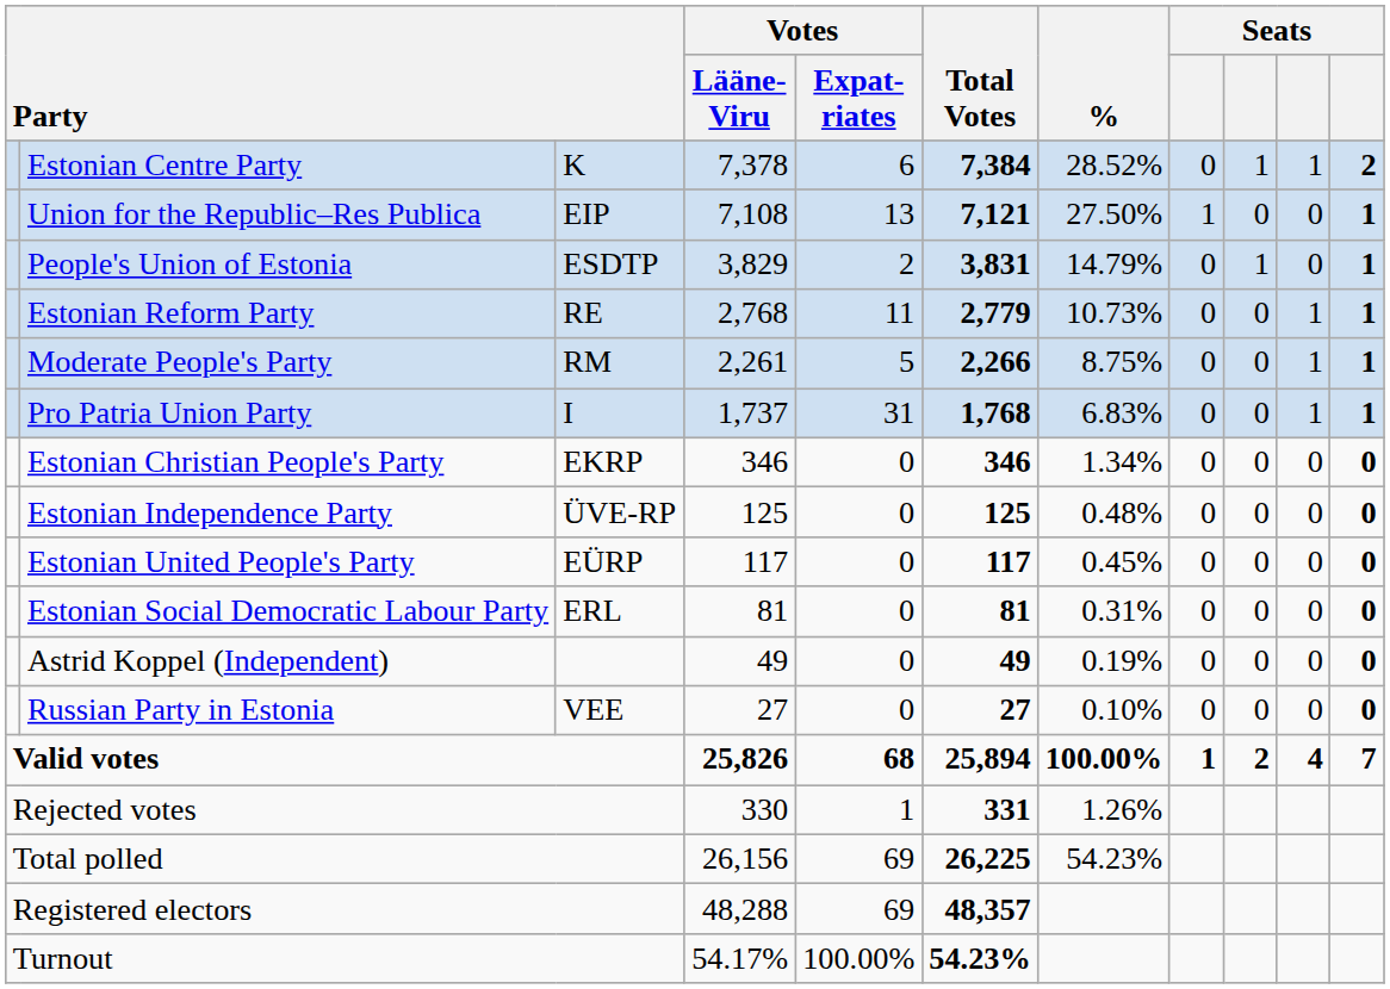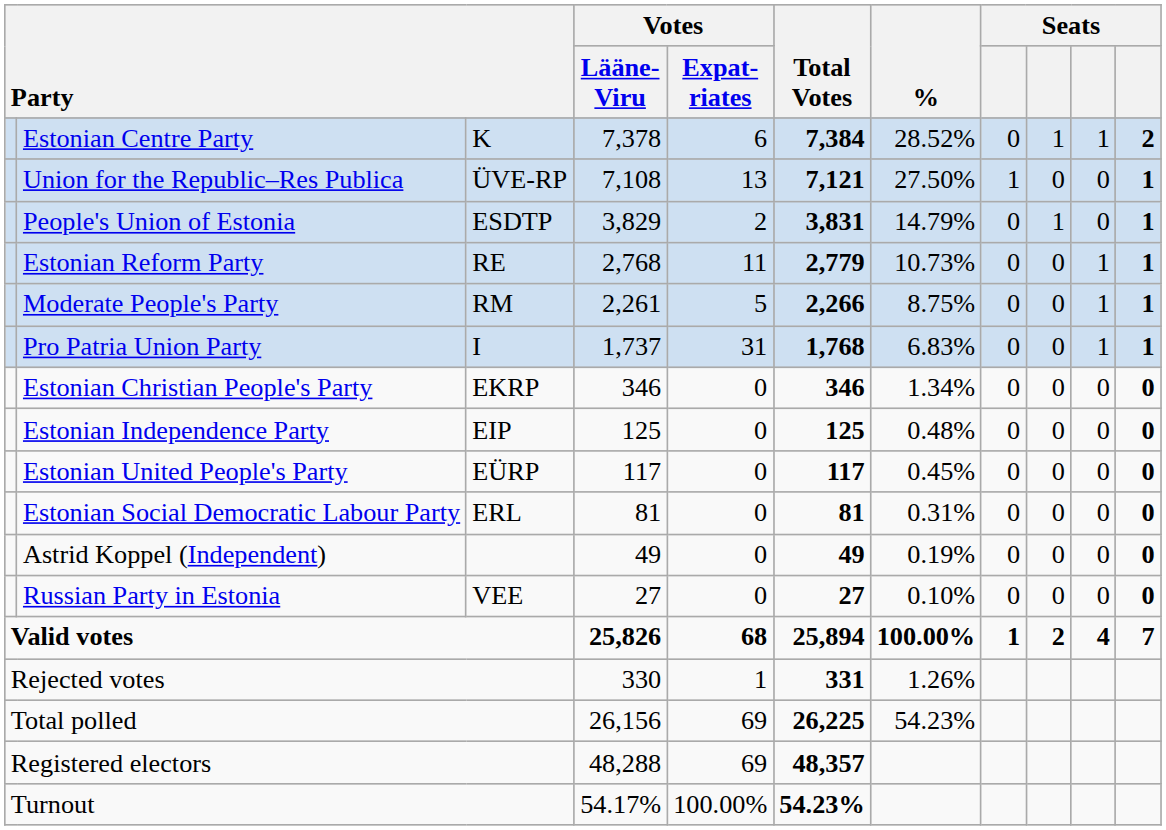 <table class="wikitable" border="1" style="text-align:right;">
 <tr>
 <th style="text-align:left;" valign=bottom rowspan=2 colspan=3>Party</th>
 <th colspan=2>Votes</th>
 <th align=center valign=bottom rowspan=2 width="50">Total Votes</th>
 <th align=center valign=bottom rowspan=2 width="50">%</th>
 <th colspan=4>Seats</th>
 </tr>
 <tr>
 <th align=center valign=bottom width="50"><a href='#'>Lääne- Viru</a></th>
 <th align=center valign=bottom width="50"><a href='#'>Expat- riates</a></th>
 <th align=center valign=bottom width="20"><small></small></th>
 <th align=center valign=bottom width="20"><small></small></th>
 <th align=center valign=bottom width="20"><small></small></th>
 <th align=center valign=bottom width="20"><small></small></th>
 </tr>
 <tr style="background:#CEE0F2;">
 <td style="background:"></td>
 <td align=left><a href='#'>Estonian Centre Party</a></td>
 <td align=left>K</td>
 <td>7,378</td>
 <td>6</td>
 <td><strong>7,384</strong></td>
 <td>28.52%</td>
 <td>0</td>
 <td>1</td>
 <td>1</td>
 <td><strong>2</strong></td>
 </tr>
 <tr style="background:#CEE0F2;">
 <td style="background:"></td>
 <td align=left><a href='#'>Union for the Republic–Res Publica</a></td>
-<td align=left>EIP</td>
+<td align=left>ÜVE-RP</td>
 <td>7,108</td>
 <td>13</td>
 <td><strong>7,121</strong></td>
 <td>27.50%</td>
 <td>1</td>
 <td>0</td>
 <td>0</td>
 <td><strong>1</strong></td>
 </tr>
 <tr style="background:#CEE0F2;">
 <td style="background:"></td>
 <td align=left><a href='#'>People's Union of Estonia</a></td>
 <td align=left>ESDTP</td>
 <td>3,829</td>
 <td>2</td>
 <td><strong>3,831</strong></td>
 <td>14.79%</td>
 <td>0</td>
 <td>1</td>
 <td>0</td>
 <td><strong>1</strong></td>
 </tr>
 <tr style="background:#CEE0F2;">
 <td style="background:"></td>
 <td align=left><a href='#'>Estonian Reform Party</a></td>
 <td align=left>RE</td>
 <td>2,768</td>
 <td>11</td>
 <td><strong>2,779</strong></td>
 <td>10.73%</td>
 <td>0</td>
 <td>0</td>
 <td>1</td>
 <td><strong>1</strong></td>
 </tr>
 <tr style="background:#CEE0F2;">
 <td style="background:"></td>
 <td align=left><a href='#'>Moderate People's Party</a></td>
 <td align=left>RM</td>
 <td>2,261</td>
 <td>5</td>
 <td><strong>2,266</strong></td>
 <td>8.75%</td>
 <td>0</td>
 <td>0</td>
 <td>1</td>
 <td><strong>1</strong></td>
 </tr>
 <tr style="background:#CEE0F2;">
 <td style="background:"></td>
 <td align=left><a href='#'>Pro Patria Union Party</a></td>
 <td align=left>I</td>
 <td>1,737</td>
 <td>31</td>
 <td><strong>1,768</strong></td>
 <td>6.83%</td>
 <td>0</td>
 <td>0</td>
 <td>1</td>
 <td><strong>1</strong></td>
 </tr>
 <tr>
 <td style="background:"></td>
 <td align=left><a href='#'>Estonian Christian People's Party</a></td>
 <td align=left>EKRP</td>
 <td>346</td>
 <td>0</td>
 <td><strong>346</strong></td>
 <td>1.34%</td>
 <td>0</td>
 <td>0</td>
 <td>0</td>
 <td><strong>0</strong></td>
 </tr>
 <tr>
 <td style="background:"></td>
 <td align=left><a href='#'>Estonian Independence Party</a></td>
-<td align=left>ÜVE-RP</td>
+<td align=left>EIP</td>
 <td>125</td>
 <td>0</td>
 <td><strong>125</strong></td>
 <td>0.48%</td>
 <td>0</td>
 <td>0</td>
 <td>0</td>
 <td><strong>0</strong></td>
 </tr>
 <tr>
 <td style="background:"></td>
 <td align=left><a href='#'>Estonian United People's Party</a></td>
 <td align=left>EÜRP</td>
 <td>117</td>
 <td>0</td>
 <td><strong>117</strong></td>
 <td>0.45%</td>
 <td>0</td>
 <td>0</td>
 <td>0</td>
 <td><strong>0</strong></td>
 </tr>
 <tr>
 <td style="background:"></td>
 <td align=left><a href='#'>Estonian Social Democratic Labour Party</a></td>
 <td align=left>ERL</td>
 <td>81</td>
 <td>0</td>
 <td><strong>81</strong></td>
 <td>0.31%</td>
 <td>0</td>
 <td>0</td>
 <td>0</td>
 <td><strong>0</strong></td>
 </tr>
 <tr>
 <td style="background:"></td>
 <td align=left>Astrid Koppel (<a href='#'>Independent</a>)</td>
 <td></td>
 <td>49</td>
 <td>0</td>
 <td><strong>49</strong></td>
 <td>0.19%</td>
 <td>0</td>
 <td>0</td>
 <td>0</td>
 <td><strong>0</strong></td>
 </tr>
 <tr>
 <td></td>
 <td align=left><a href='#'>Russian Party in Estonia</a></td>
 <td align=left>VEE</td>
 <td>27</td>
 <td>0</td>
 <td><strong>27</strong></td>
 <td>0.10%</td>
 <td>0</td>
 <td>0</td>
 <td>0</td>
 <td><strong>0</strong></td>
 </tr>
 <tr style="font-weight:bold">
 <td align=left colspan=3>Valid votes</td>
 <td>25,826</td>
 <td>68</td>
 <td>25,894</td>
 <td>100.00%</td>
 <td>1</td>
 <td>2</td>
 <td>4</td>
 <td>7</td>
 </tr>
 <tr>
 <td align=left colspan=3>Rejected votes</td>
 <td>330</td>
 <td>1</td>
 <td><strong>331</strong></td>
 <td>1.26%</td>
 <td></td>
 <td></td>
 <td></td>
 <td></td>
 </tr>
 <tr>
 <td align=left colspan=3>Total polled</td>
 <td>26,156</td>
 <td>69</td>
 <td><strong>26,225</strong></td>
 <td>54.23%</td>
 <td></td>
 <td></td>
 <td></td>
 <td></td>
 </tr>
 <tr>
 <td align=left colspan=3>Registered electors</td>
 <td>48,288</td>
 <td>69</td>
 <td><strong>48,357</strong></td>
 <td></td>
 <td></td>
 <td></td>
 <td></td>
 <td></td>
 </tr>
 <tr>
 <td align=left colspan=3>Turnout</td>
 <td>54.17%</td>
 <td>100.00%</td>
 <td><strong>54.23%</strong></td>
 <td></td>
 <td></td>
 <td></td>
 <td></td>
 <td></td>
 </tr>
 </table>
